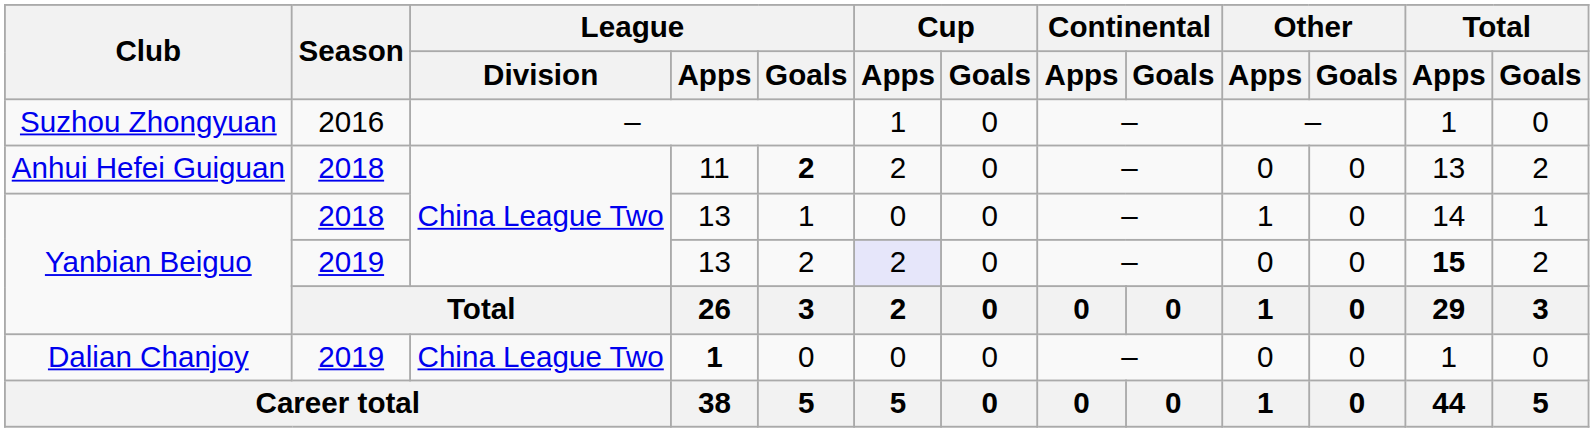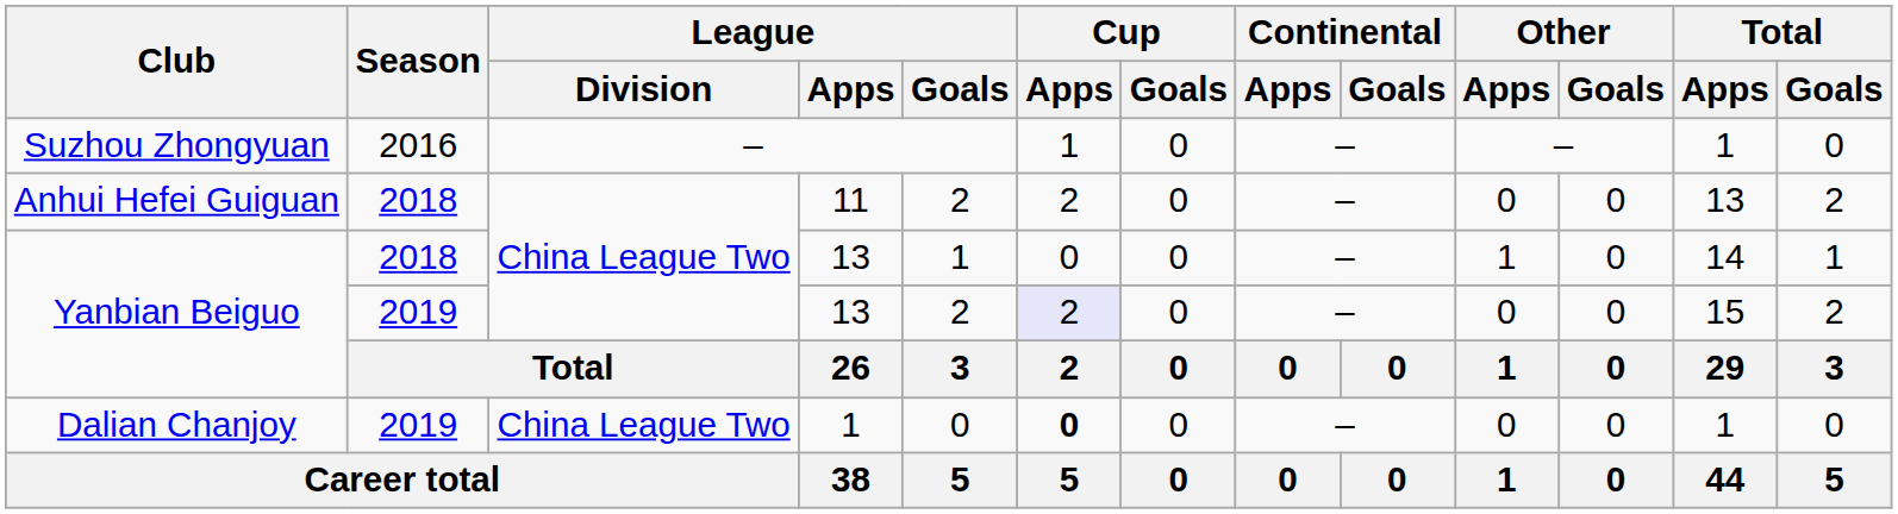 <table class="wikitable" style="text-align: center">
 <tr>
 <th rowspan="2">Club</th>
 <th rowspan="2">Season</th>
 <th colspan="3">League</th>
 <th colspan="2">Cup</th>
 <th colspan="2">Continental</th>
 <th colspan="2">Other</th>
 <th colspan="2">Total</th>
 </tr>
 <tr>
 <th>Division</th>
 <th>Apps</th>
 <th>Goals</th>
 <th>Apps</th>
 <th>Goals</th>
 <th>Apps</th>
 <th>Goals</th>
 <th>Apps</th>
 <th>Goals</th>
 <th>Apps</th>
 <th>Goals</th>
 </tr>
 <tr>
 <td><a href='#'>Suzhou Zhongyuan</a></td>
 <td>2016</td>
 <td colspan="3">–</td>
 <td>1</td>
 <td>0</td>
 <td colspan="2">–</td>
 <td colspan="2">–</td>
 <td>1</td>
 <td>0</td>
 </tr>
 <tr>
 <td><a href='#'>Anhui Hefei Guiguan</a></td>
 <td><a href='#'>2018</a></td>
 <td rowspan="3"><a href='#'>China League Two</a></td>
 <td>11</td>
-<td><strong>2</strong></td>
+<td>2</td>
 <td>2</td>
 <td>0</td>
 <td colspan="2">–</td>
 <td>0</td>
 <td>0</td>
 <td>13</td>
 <td>2</td>
 </tr>
 <tr>
 <td rowspan="3"><a href='#'>Yanbian Beiguo</a></td>
 <td><a href='#'>2018</a></td>
 <td>13</td>
 <td>1</td>
 <td>0</td>
 <td>0</td>
 <td colspan="2">–</td>
 <td>1</td>
 <td>0</td>
 <td>14</td>
 <td>1</td>
 </tr>
 <tr>
 <td><a href='#'>2019</a></td>
 <td>13</td>
 <td>2</td>
 <td style="background: lavender;">2</td>
 <td>0</td>
 <td colspan="2">–</td>
 <td>0</td>
 <td>0</td>
-<td><strong>15</strong></td>
+<td>15</td>
 <td>2</td>
 </tr>
 <tr>
 <th colspan=2>Total</th>
 <th>26</th>
 <th>3</th>
 <th>2</th>
 <th>0</th>
 <th>0</th>
 <th>0</th>
 <th>1</th>
 <th>0</th>
 <th>29</th>
 <th>3</th>
 </tr>
 <tr>
 <td><a href='#'>Dalian Chanjoy</a></td>
 <td><a href='#'>2019</a></td>
 <td><a href='#'>China League Two</a></td>
-<td><strong>1</strong></td>
+<td>1</td>
 <td>0</td>
-<td>0</td>
+<td><strong>0</strong></td>
 <td>0</td>
 <td colspan="2">–</td>
 <td>0</td>
 <td>0</td>
 <td>1</td>
 <td>0</td>
 </tr>
 <tr>
 <th colspan=3>Career total</th>
 <th>38</th>
 <th>5</th>
 <th>5</th>
 <th>0</th>
 <th>0</th>
 <th>0</th>
 <th>1</th>
 <th>0</th>
 <th>44</th>
 <th>5</th>
 </tr>
 </table>
